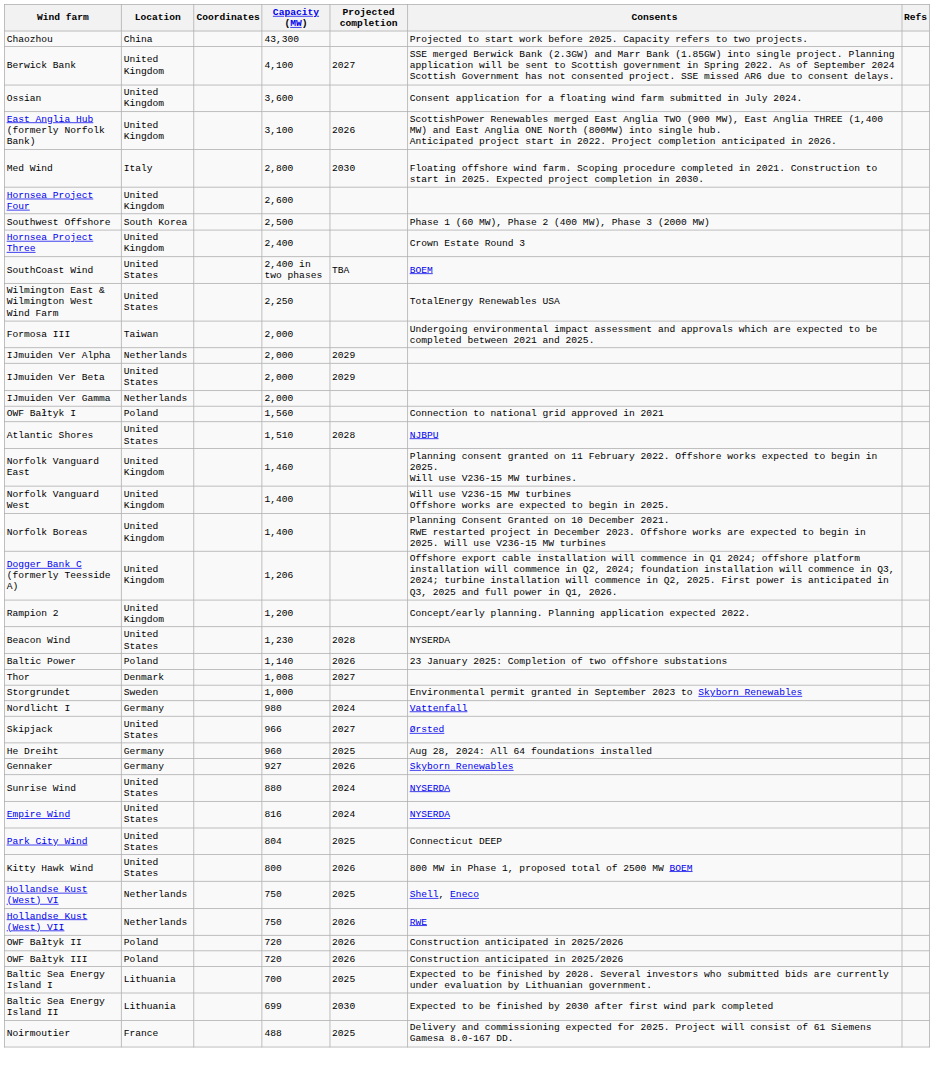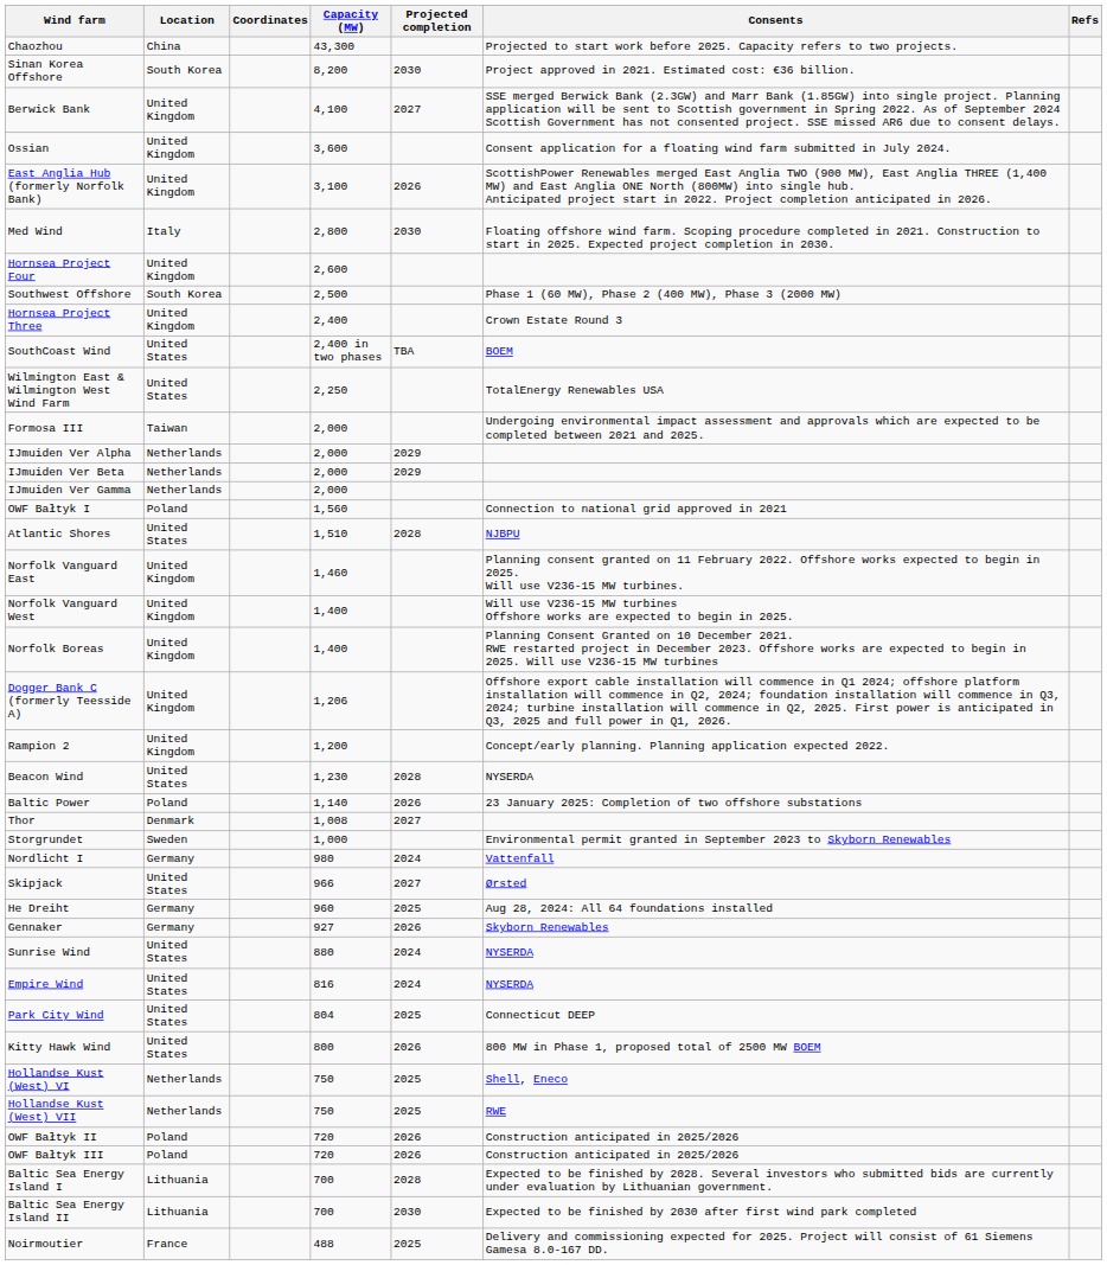 <table class="wikitable sortable">
 <tr>
 <th>Wind farm</th>
 <th>Location</th>
 <th class="unsortable">Coordinates</th>
 <th data-sort-type="number"><a href='#'>Capacity</a><br>(<a href='#'>MW</a>)</th>
 <th>Projected completion</th>
 <th>Consents</th>
 <th>Refs</th>
 </tr>
 <tr>
 <td>Chaozhou</td>
 <td>China</td>
 <td></td>
 <td>43,300</td>
 <td></td>
 <td>Projected to start work before 2025. Capacity refers to two projects.</td>
+<td></td>
+</tr>
+<tr>
+<td>Sinan Korea Offshore</td>
+<td>South Korea</td>
+<td></td>
+<td>8,200</td>
+<td>2030</td>
+<td>Project approved in 2021. Estimated cost: €36 billion.</td>
 <td></td>
 </tr>
 <tr>
 <td>Berwick Bank</td>
 <td>United Kingdom</td>
 <td></td>
 <td>4,100</td>
 <td>2027</td>
 <td>SSE merged Berwick Bank (2.3GW) and Marr Bank (1.85GW) into single project. Planning application will be sent to Scottish government in Spring 2022. As of September 2024 Scottish Government has not consented project. SSE missed AR6 due to consent delays.</td>
 <td></td>
 </tr>
 <tr>
 <td>Ossian</td>
 <td>United Kingdom</td>
 <td></td>
 <td>3,600</td>
 <td></td>
 <td>Consent application for a floating wind farm submitted in July 2024.</td>
 <td></td>
 </tr>
 <tr>
 <td><a href='#'>East Anglia Hub</a><br>(formerly Norfolk Bank)</td>
 <td>United Kingdom</td>
 <td></td>
 <td>3,100</td>
 <td>2026</td>
 <td>ScottishPower Renewables merged East Anglia TWO (900 MW), East Anglia THREE (1,400 MW) and East Anglia ONE North (800MW) into single hub.<br>Anticipated project start in 2022. Project completion anticipated in 2026.</td>
 <td></td>
 </tr>
 <tr>
 <td>Med Wind</td>
 <td>Italy</td>
 <td></td>
 <td>2,800</td>
 <td>2030</td>
 <td><br>Floating offshore wind farm. Scoping procedure completed in 2021. Construction to start in 2025. Expected project completion in 2030.</td>
 <td></td>
 </tr>
 <tr>
 <td><a href='#'>Hornsea Project Four</a></td>
 <td>United Kingdom</td>
 <td></td>
 <td>2,600</td>
 <td></td>
 <td></td>
 <td></td>
 </tr>
 <tr>
 <td>Southwest Offshore</td>
 <td>South Korea</td>
 <td></td>
 <td>2,500</td>
 <td></td>
 <td>Phase 1 (60 MW), Phase 2 (400 MW), Phase 3 (2000 MW)</td>
 <td></td>
 </tr>
 <tr>
 <td><a href='#'>Hornsea Project Three</a></td>
 <td>United Kingdom</td>
 <td></td>
 <td>2,400</td>
 <td></td>
 <td>Crown Estate Round 3</td>
 <td></td>
 </tr>
 <tr>
 <td>SouthCoast Wind</td>
 <td>United States</td>
 <td></td>
 <td>2,400 in two phases</td>
 <td>TBA</td>
 <td><a href='#'>BOEM</a></td>
 <td></td>
 </tr>
 <tr>
 <td>Wilmington East & Wilmington West Wind Farm</td>
 <td>United States</td>
 <td></td>
 <td>2,250</td>
 <td></td>
 <td>TotalEnergy Renewables USA</td>
 <td></td>
 </tr>
 <tr>
 <td>Formosa III</td>
 <td>Taiwan</td>
 <td></td>
 <td>2,000</td>
 <td></td>
 <td>Undergoing environmental impact assessment and approvals which are expected to be completed between 2021 and 2025.</td>
 <td></td>
 </tr>
 <tr>
 <td>IJmuiden Ver Alpha</td>
 <td>Netherlands</td>
 <td></td>
 <td>2,000</td>
 <td>2029</td>
 <td></td>
 <td></td>
 </tr>
 <tr>
 <td>IJmuiden Ver Beta</td>
-<td>United States</td>
+<td>Netherlands</td>
 <td></td>
 <td>2,000</td>
 <td>2029</td>
 <td></td>
 <td></td>
 </tr>
 <tr>
 <td>IJmuiden Ver Gamma</td>
 <td>Netherlands</td>
 <td></td>
 <td>2,000</td>
 <td></td>
 <td></td>
 <td></td>
 </tr>
 <tr>
 <td>OWF Bałtyk I</td>
 <td>Poland</td>
 <td></td>
 <td>1,560</td>
 <td></td>
 <td>Connection to national grid approved in 2021</td>
 <td></td>
 </tr>
 <tr>
 <td>Atlantic Shores</td>
 <td>United States</td>
 <td></td>
 <td>1,510</td>
 <td>2028</td>
 <td><a href='#'>NJBPU</a></td>
 <td></td>
 </tr>
 <tr>
 <td>Norfolk Vanguard East</td>
 <td>United Kingdom</td>
 <td></td>
 <td>1,460</td>
 <td></td>
 <td>Planning consent granted on 11 February 2022. Offshore works expected to begin in 2025.<br>Will use V236-15 MW turbines.</td>
 <td></td>
 </tr>
 <tr>
 <td>Norfolk Vanguard West</td>
 <td>United Kingdom</td>
 <td></td>
 <td>1,400</td>
 <td></td>
 <td>Will use V236-15 MW turbines<br>Offshore works are expected to begin in 2025.</td>
 <td></td>
 </tr>
 <tr>
 <td>Norfolk Boreas</td>
 <td>United Kingdom</td>
 <td></td>
 <td>1,400</td>
 <td></td>
 <td>Planning Consent Granted on 10 December 2021.<br>RWE restarted project in December 2023. Offshore works are expected to begin in 2025. Will use V236-15 MW turbines</td>
 <td></td>
 </tr>
 <tr>
 <td><a href='#'>Dogger Bank C</a><br>(formerly Teesside A)</td>
 <td>United Kingdom</td>
 <td></td>
 <td>1,206</td>
 <td></td>
 <td>Offshore export cable installation will commence in Q1 2024; offshore platform installation will commence in Q2, 2024; foundation installation will commence in Q3, 2024; turbine installation will commence in Q2, 2025. First power is anticipated in Q3, 2025 and full power in Q1, 2026.</td>
 <td></td>
 </tr>
 <tr>
 <td>Rampion 2</td>
 <td>United Kingdom</td>
 <td></td>
 <td>1,200</td>
 <td></td>
 <td>Concept/early planning. Planning application expected 2022.</td>
 <td></td>
 </tr>
 <tr>
 <td>Beacon Wind</td>
 <td>United States</td>
 <td></td>
 <td>1,230</td>
 <td>2028</td>
 <td>NYSERDA</td>
 <td></td>
 </tr>
 <tr>
 <td>Baltic Power</td>
 <td>Poland</td>
 <td></td>
 <td>1,140</td>
 <td>2026</td>
 <td>23 January 2025: Completion of two offshore substations</td>
 <td></td>
 </tr>
 <tr>
 <td>Thor</td>
 <td>Denmark</td>
 <td></td>
 <td>1,008</td>
 <td>2027</td>
 <td></td>
 <td></td>
 </tr>
 <tr>
 <td>Storgrundet</td>
 <td>Sweden</td>
 <td></td>
 <td>1,000</td>
 <td></td>
 <td>Environmental permit granted in September 2023 to <a href='#'>Skyborn Renewables</a></td>
 <td></td>
 </tr>
 <tr>
 <td>Nordlicht I</td>
 <td>Germany</td>
 <td></td>
 <td>980</td>
 <td>2024</td>
 <td><a href='#'>Vattenfall</a></td>
 <td></td>
 </tr>
 <tr>
 <td>Skipjack</td>
 <td>United States</td>
 <td></td>
 <td>966</td>
 <td>2027</td>
 <td><a href='#'>Ørsted</a></td>
 <td></td>
 </tr>
 <tr>
 <td>He Dreiht</td>
 <td>Germany</td>
 <td></td>
 <td>960</td>
 <td>2025</td>
 <td>Aug 28, 2024: All 64 foundations installed </td>
 <td></td>
 </tr>
 <tr>
 <td>Gennaker</td>
 <td>Germany</td>
 <td></td>
 <td>927</td>
 <td>2026</td>
 <td><a href='#'>Skyborn Renewables</a></td>
 <td></td>
 </tr>
 <tr>
 <td>Sunrise Wind</td>
 <td>United States</td>
 <td></td>
 <td>880</td>
 <td>2024</td>
 <td><a href='#'>NYSERDA</a></td>
 <td></td>
 </tr>
 <tr>
 <td><a href='#'>Empire Wind</a></td>
 <td>United States</td>
 <td></td>
 <td>816</td>
 <td>2024</td>
 <td><a href='#'>NYSERDA</a></td>
 <td></td>
 </tr>
 <tr>
 <td><a href='#'>Park City Wind</a></td>
 <td>United States</td>
 <td></td>
 <td>804</td>
 <td>2025</td>
 <td>Connecticut DEEP</td>
 <td></td>
 </tr>
 <tr>
 <td>Kitty Hawk Wind</td>
 <td>United States</td>
 <td></td>
 <td>800</td>
 <td>2026</td>
 <td>800 MW in Phase 1, proposed total of 2500 MW <a href='#'>BOEM</a></td>
 <td></td>
 </tr>
 <tr>
 <td><a href='#'>Hollandse Kust (West) VI</a></td>
 <td>Netherlands</td>
 <td></td>
 <td>750</td>
 <td>2025</td>
 <td><a href='#'>Shell</a>, <a href='#'>Eneco</a></td>
 <td></td>
 </tr>
 <tr>
 <td><a href='#'>Hollandse Kust (West) VII</a></td>
 <td>Netherlands</td>
 <td></td>
 <td>750</td>
-<td>2026</td>
+<td>2025</td>
 <td><a href='#'>RWE</a></td>
 <td></td>
 </tr>
 <tr>
 <td>OWF Bałtyk II</td>
 <td>Poland</td>
 <td></td>
 <td>720</td>
 <td>2026</td>
 <td>Construction anticipated in 2025/2026</td>
 <td></td>
 </tr>
 <tr>
 <td>OWF Bałtyk III</td>
 <td>Poland</td>
 <td></td>
 <td>720</td>
 <td>2026</td>
 <td>Construction anticipated in 2025/2026</td>
 <td></td>
 </tr>
 <tr>
 <td>Baltic Sea Energy Island I</td>
 <td>Lithuania</td>
 <td></td>
 <td>700</td>
-<td>2025</td>
+<td>2028</td>
 <td>Expected to be finished by 2028. Several investors who submitted bids are currently under evaluation by Lithuanian government.</td>
 <td></td>
 </tr>
 <tr>
 <td>Baltic Sea Energy Island II</td>
 <td>Lithuania</td>
 <td></td>
-<td>699</td>
+<td>700</td>
 <td>2030</td>
 <td>Expected to be finished by 2030 after first wind park completed</td>
 <td></td>
 </tr>
 <tr>
 <td>Noirmoutier</td>
 <td>France</td>
 <td></td>
 <td>488</td>
 <td>2025</td>
 <td>Delivery and commissioning expected for 2025. Project will consist of 61 Siemens Gamesa 8.0-167 DD.</td>
 <td></td>
 </tr>
 </table>
